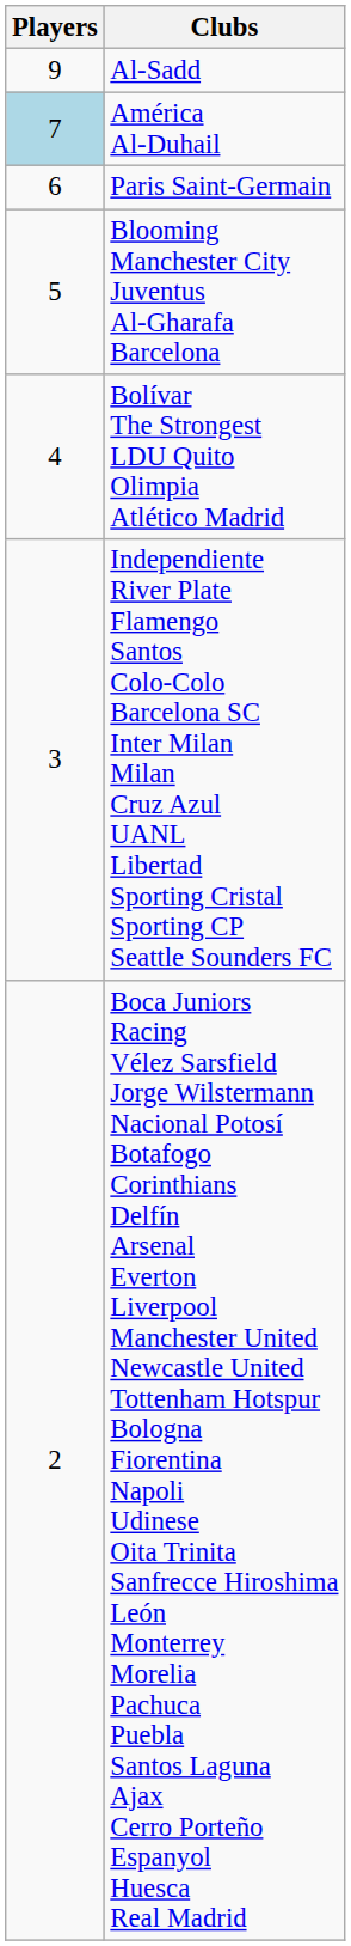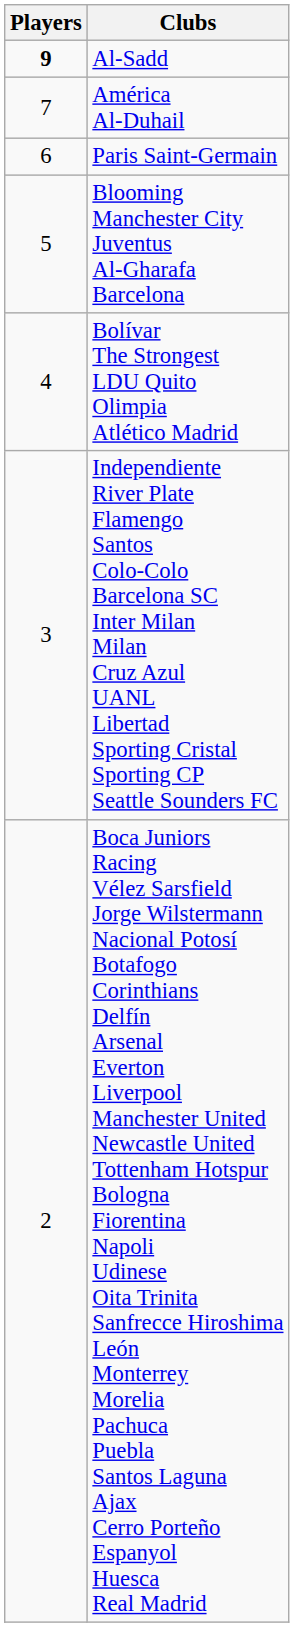 <table class="wikitable">
 <tr>
 <th>Players</th>
 <th>Clubs</th>
 </tr>
 <tr>
-<td align=center>9</td>
+<td align=center><strong>9</strong></td>
 <td> <a href='#'>Al-Sadd</a></td>
 </tr>
 <tr>
-<td align=center style="background: lightblue;">7</td>
+<td align=center>7</td>
 <td> <a href='#'>América</a><br> <a href='#'>Al-Duhail</a></td>
 </tr>
 <tr>
 <td align=center>6</td>
 <td> <a href='#'>Paris Saint-Germain</a></td>
 </tr>
 <tr>
 <td align=center>5</td>
 <td> <a href='#'>Blooming</a><br> <a href='#'>Manchester City</a><br> <a href='#'>Juventus</a><br> <a href='#'>Al-Gharafa</a><br> <a href='#'>Barcelona</a></td>
 </tr>
 <tr>
 <td align=center>4</td>
 <td> <a href='#'>Bolívar</a><br> <a href='#'>The Strongest</a><br> <a href='#'>LDU Quito</a><br> <a href='#'>Olimpia</a><br> <a href='#'>Atlético Madrid</a></td>
 </tr>
 <tr>
 <td align=center>3</td>
 <td> <a href='#'>Independiente</a><br> <a href='#'>River Plate</a><br> <a href='#'>Flamengo</a><br> <a href='#'>Santos</a><br> <a href='#'>Colo-Colo</a><br> <a href='#'>Barcelona SC</a><br> <a href='#'>Inter Milan</a><br> <a href='#'>Milan</a><br> <a href='#'>Cruz Azul</a><br> <a href='#'>UANL</a><br> <a href='#'>Libertad</a><br> <a href='#'>Sporting Cristal</a><br> <a href='#'>Sporting CP</a><br> <a href='#'>Seattle Sounders FC</a></td>
 </tr>
 <tr>
 <td align=center>2</td>
 <td> <a href='#'>Boca Juniors</a><br> <a href='#'>Racing</a><br> <a href='#'>Vélez Sarsfield</a><br> <a href='#'>Jorge Wilstermann</a><br> <a href='#'>Nacional Potosí</a><br> <a href='#'>Botafogo</a><br> <a href='#'>Corinthians</a><br> <a href='#'>Delfín</a><br> <a href='#'>Arsenal</a><br> <a href='#'>Everton</a><br> <a href='#'>Liverpool</a><br> <a href='#'>Manchester United</a><br> <a href='#'>Newcastle United</a><br> <a href='#'>Tottenham Hotspur</a><br> <a href='#'>Bologna</a><br> <a href='#'>Fiorentina</a><br> <a href='#'>Napoli</a><br> <a href='#'>Udinese</a><br> <a href='#'>Oita Trinita</a><br> <a href='#'>Sanfrecce Hiroshima</a><br> <a href='#'>León</a><br> <a href='#'>Monterrey</a><br> <a href='#'>Morelia</a><br> <a href='#'>Pachuca</a><br> <a href='#'>Puebla</a><br> <a href='#'>Santos Laguna</a><br> <a href='#'>Ajax</a><br> <a href='#'>Cerro Porteño</a><br> <a href='#'>Espanyol</a><br> <a href='#'>Huesca</a><br> <a href='#'>Real Madrid</a></td>
 </tr>
 </table>
